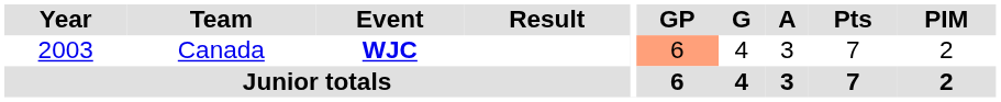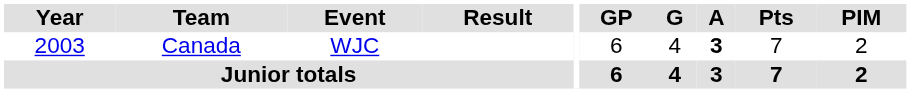 <table border="0" cellpadding="1" cellspacing="0" ID="Table3" style="text-align:center; width:40em">
 <tr ALIGN="centre" bgcolor="#e0e0e0">
 <th>Year</th>
 <th>Team</th>
 <th>Event</th>
 <th>Result</th>
 <th rowspan="99" bgcolor="#ffffff"></th>
 <th>GP</th>
 <th>G</th>
 <th>A</th>
 <th>Pts</th>
 <th>PIM</th>
 </tr>
 <tr>
 <td><a href='#'>2003</a></td>
 <td><a href='#'>Canada</a></td>
-<td><strong><a href='#'>WJC</a></strong></td>
+<td><a href='#'>WJC</a></td>
 <td></td>
-<td style="background: lightsalmon;">6</td>
+<td>6</td>
 <td>4</td>
-<td>3</td>
+<td><strong>3</strong></td>
 <td>7</td>
 <td>2</td>
 </tr>
 <tr bgcolor="#e0e0e0">
 <th colspan=4>Junior totals</th>
 <th>6</th>
 <th>4</th>
 <th>3</th>
 <th>7</th>
 <th>2</th>
 </tr>
 </table>
